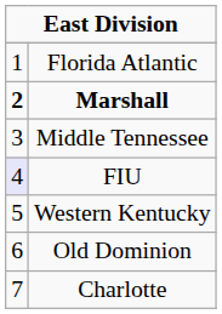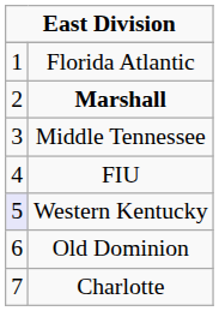 <table class="wikitable">
 <tr align="center">
 <td align="center" Colspan="3"><strong>East Division</strong></td>
 </tr>
 <tr align="center">
 </tr>
 <tr align="center">
 <td>1</td>
 <td>Florida Atlantic</td>
 </tr>
 <tr align="center">
-<td><strong>2</strong></td>
+<td>2</td>
 <td><strong>Marshall</strong></td>
 </tr>
 <tr align="center">
 <td>3</td>
 <td>Middle Tennessee</td>
 </tr>
 <tr align="center">
-<td style="background: lavender;">4</td>
+<td>4</td>
 <td>FIU</td>
 </tr>
 <tr align="center">
-<td>5</td>
+<td style="background: lavender;">5</td>
 <td>Western Kentucky</td>
 </tr>
 <tr align="center">
 <td>6</td>
 <td>Old Dominion</td>
 </tr>
 <tr align="center">
 <td>7</td>
 <td>Charlotte</td>
 </tr>
 </table>
